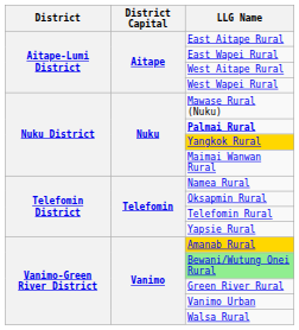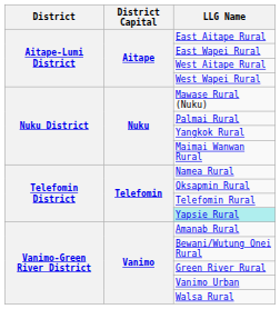 <table class="wikitable" style="text-align: left;" width="400">
 <tr>
 <th>District</th>
 <th>District Capital</th>
 <th>LLG Name</th>
 </tr>
 <tr>
 <th rowspan="4"><a href='#'>Aitape-Lumi District</a></th>
 <th rowspan="4"><a href='#'>Aitape</a></th>
 <td><a href='#'>East Aitape Rural</a></td>
 </tr>
 <tr>
 <td><a href='#'>East Wapei Rural</a></td>
 </tr>
 <tr>
 <td><a href='#'>West Aitape Rural</a></td>
 </tr>
 <tr>
 <td><a href='#'>West Wapei Rural</a></td>
 </tr>
 <tr>
 <th rowspan="4"><a href='#'>Nuku District</a></th>
 <th rowspan="4"><a href='#'>Nuku</a></th>
 <td><a href='#'>Mawase Rural</a> (Nuku)</td>
 </tr>
 <tr>
-<td><strong><a href='#'>Palmai Rural</a></strong></td>
+<td><a href='#'>Palmai Rural</a></td>
 </tr>
 <tr>
-<td style="background: gold;"><a href='#'>Yangkok Rural</a></td>
+<td><a href='#'>Yangkok Rural</a></td>
 </tr>
 <tr>
 <td><a href='#'>Maimai Wanwan Rural</a></td>
 </tr>
 <tr>
 <th rowspan="4"><a href='#'>Telefomin District</a></th>
 <th rowspan="4"><a href='#'>Telefomin</a></th>
 <td><a href='#'>Namea Rural</a></td>
 </tr>
 <tr>
 <td><a href='#'>Oksapmin Rural</a></td>
 </tr>
 <tr>
 <td><a href='#'>Telefomin Rural</a></td>
 </tr>
 <tr>
-<td><a href='#'>Yapsie Rural</a></td>
+<td style="background: paleturquoise;"><a href='#'>Yapsie Rural</a></td>
 </tr>
 <tr>
 <th rowspan="5"><a href='#'>Vanimo-Green River District</a></th>
 <th rowspan="5"><a href='#'>Vanimo</a></th>
-<td style="background: gold;"><a href='#'>Amanab Rural</a></td>
+<td><a href='#'>Amanab Rural</a></td>
 </tr>
 <tr>
-<td style="background: lightgreen;"><a href='#'>Bewani/Wutung Onei Rural</a></td>
+<td><a href='#'>Bewani/Wutung Onei Rural</a></td>
 </tr>
 <tr>
 <td><a href='#'>Green River Rural</a></td>
 </tr>
 <tr>
 <td><a href='#'>Vanimo Urban</a></td>
 </tr>
 <tr>
 <td><a href='#'>Walsa Rural</a></td>
 </tr>
 </table>
